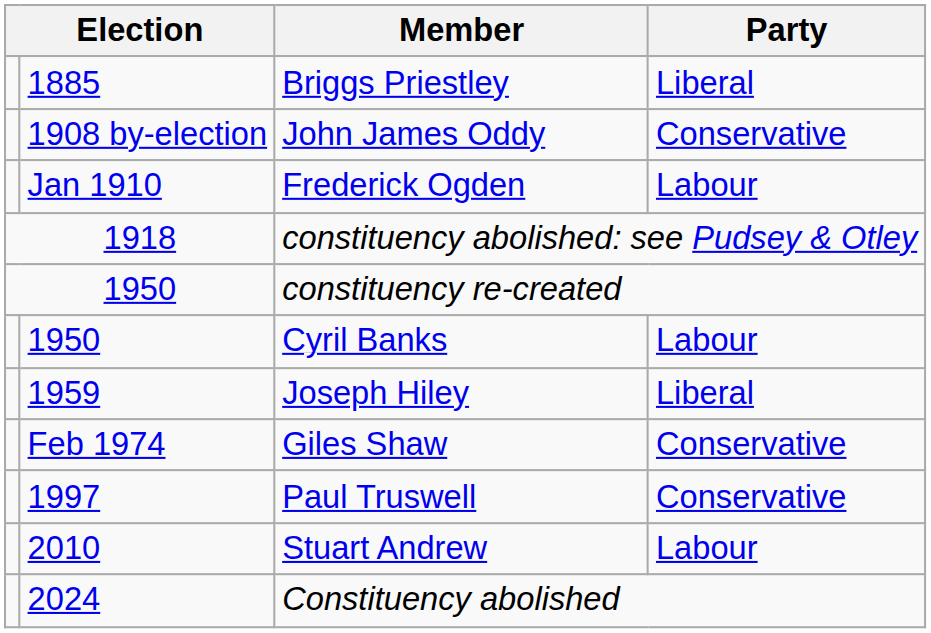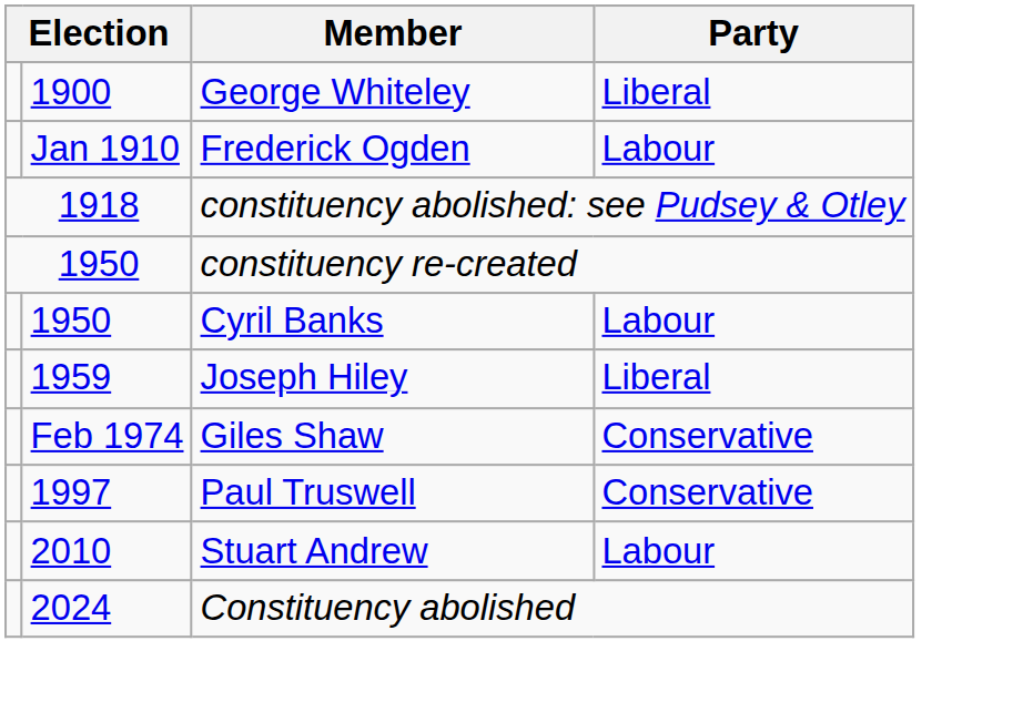 <table class="wikitable">
 <tr>
 <th colspan="2">Election</th>
 <th>Member</th>
 <th>Party</th>
 </tr>
 <tr>
 <td style="color:inherit;background-color: "></td>
-<td><a href='#'>1885</a></td>
-<td><a href='#'>Briggs Priestley</a></td>
+<td><a href='#'>1900</a></td>
+<td><a href='#'>George Whiteley</a></td>
 <td><a href='#'>Liberal</a></td>
-</tr>
-<tr>
-<td style="color:inherit;background-color: "></td>
-<td><a href='#'>1908 by-election</a></td>
-<td><a href='#'>John James Oddy</a></td>
-<td><a href='#'>Conservative</a></td>
 </tr>
 <tr>
 <td style="color:inherit;background-color: "></td>
 <td><a href='#'>Jan 1910</a></td>
 <td><a href='#'>Frederick Ogden</a></td>
 <td><a href='#'>Labour</a></td>
 </tr>
 <tr>
 <td colspan="2" align="center"><a href='#'>1918</a></td>
 <td colspan="2"><em>constituency abolished: see <a href='#'>Pudsey & Otley</a></em></td>
 </tr>
 <tr>
 <td colspan="2" align="center"><a href='#'>1950</a></td>
 <td colspan="2"><em>constituency re-created</em></td>
 </tr>
 <tr>
 <td style="color:inherit;background-color: "></td>
 <td><a href='#'>1950</a></td>
 <td><a href='#'>Cyril Banks</a></td>
 <td><a href='#'>Labour</a></td>
 </tr>
 <tr>
 <td style="color:inherit;background-color: "></td>
 <td><a href='#'>1959</a></td>
 <td><a href='#'>Joseph Hiley</a></td>
 <td><a href='#'>Liberal</a></td>
 </tr>
 <tr>
 <td style="color:inherit;background-color: "></td>
 <td><a href='#'>Feb 1974</a></td>
 <td><a href='#'>Giles Shaw</a></td>
 <td><a href='#'>Conservative</a></td>
 </tr>
 <tr>
 <td style="color:inherit;background-color: "></td>
 <td><a href='#'>1997</a></td>
 <td><a href='#'>Paul Truswell</a></td>
 <td><a href='#'>Conservative</a></td>
 </tr>
 <tr>
 <td style="color:inherit;background-color: "></td>
 <td><a href='#'>2010</a></td>
 <td><a href='#'>Stuart Andrew</a></td>
 <td><a href='#'>Labour</a></td>
 </tr>
 <tr>
 <td></td>
 <td><a href='#'>2024</a></td>
 <td colspan="2"><em>Constituency abolished</em></td>
 </tr>
 </table>
